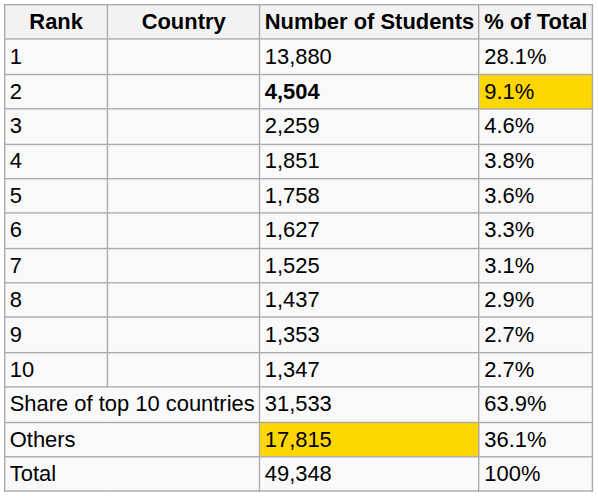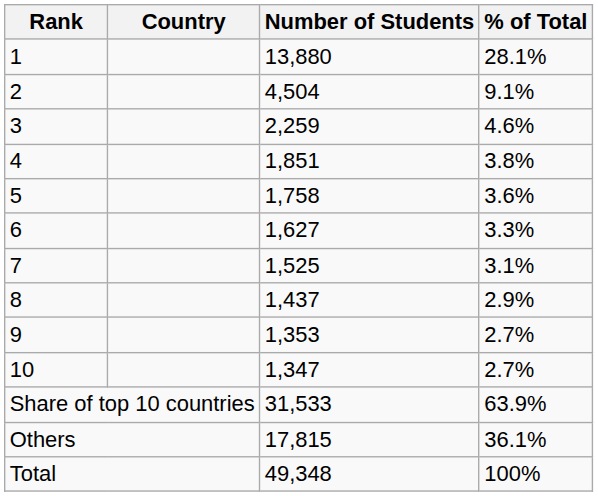 <table class="wikitable sortable">
 <tr>
 <th>Rank</th>
 <th>Country</th>
 <th>Number of Students</th>
 <th>% of Total</th>
 </tr>
 <tr>
 <td>1</td>
 <td></td>
 <td>13,880</td>
 <td>28.1%</td>
 </tr>
 <tr>
 <td>2</td>
 <td></td>
-<td><strong>4,504</strong></td>
-<td style="background: gold;">9.1%</td>
+<td>4,504</td>
+<td>9.1%</td>
 </tr>
 <tr>
 <td>3</td>
 <td></td>
 <td>2,259</td>
 <td>4.6%</td>
 </tr>
 <tr>
 <td>4</td>
 <td></td>
 <td>1,851</td>
 <td>3.8%</td>
 </tr>
 <tr>
 <td>5</td>
 <td></td>
 <td>1,758</td>
 <td>3.6%</td>
 </tr>
 <tr>
 <td>6</td>
 <td></td>
 <td>1,627</td>
 <td>3.3%</td>
 </tr>
 <tr>
 <td>7</td>
 <td></td>
 <td>1,525</td>
 <td>3.1%</td>
 </tr>
 <tr>
 <td>8</td>
 <td></td>
 <td>1,437</td>
 <td>2.9%</td>
 </tr>
 <tr>
 <td>9</td>
 <td></td>
 <td>1,353</td>
 <td>2.7%</td>
 </tr>
 <tr>
 <td>10</td>
 <td></td>
 <td>1,347</td>
 <td>2.7%</td>
 </tr>
 <tr>
 <td colspan="2" style="text-align:left;">Share of top 10 countries</td>
 <td>31,533</td>
 <td>63.9%</td>
 </tr>
 <tr>
 <td colspan="2" style="text-align:left;">Others</td>
-<td style="background: gold;">17,815</td>
+<td>17,815</td>
 <td>36.1%</td>
 </tr>
 <tr>
 <td colspan="2" style="text-align:left;">Total</td>
 <td>49,348</td>
 <td>100%</td>
 </tr>
 </table>
